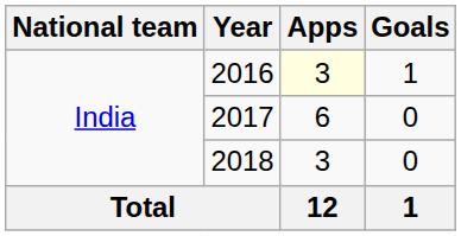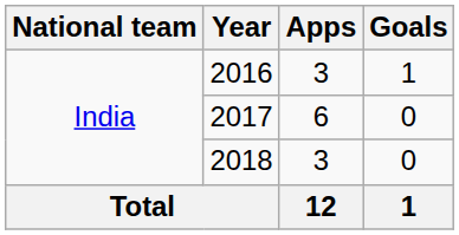 <table class="wikitable" style="text-align: center;">
 <tr>
 <th>National team</th>
 <th>Year</th>
 <th>Apps</th>
 <th>Goals</th>
 </tr>
 <tr>
 <td rowspan="3"><a href='#'>India</a></td>
 <td>2016</td>
-<td style="background: lightyellow;">3</td>
+<td>3</td>
 <td>1</td>
 </tr>
 <tr>
 <td>2017</td>
 <td>6</td>
 <td>0</td>
 </tr>
 <tr>
 <td>2018</td>
 <td>3</td>
 <td>0</td>
 </tr>
 <tr>
 <th colspan="2">Total</th>
 <th>12</th>
 <th>1</th>
 </tr>
 </table>
